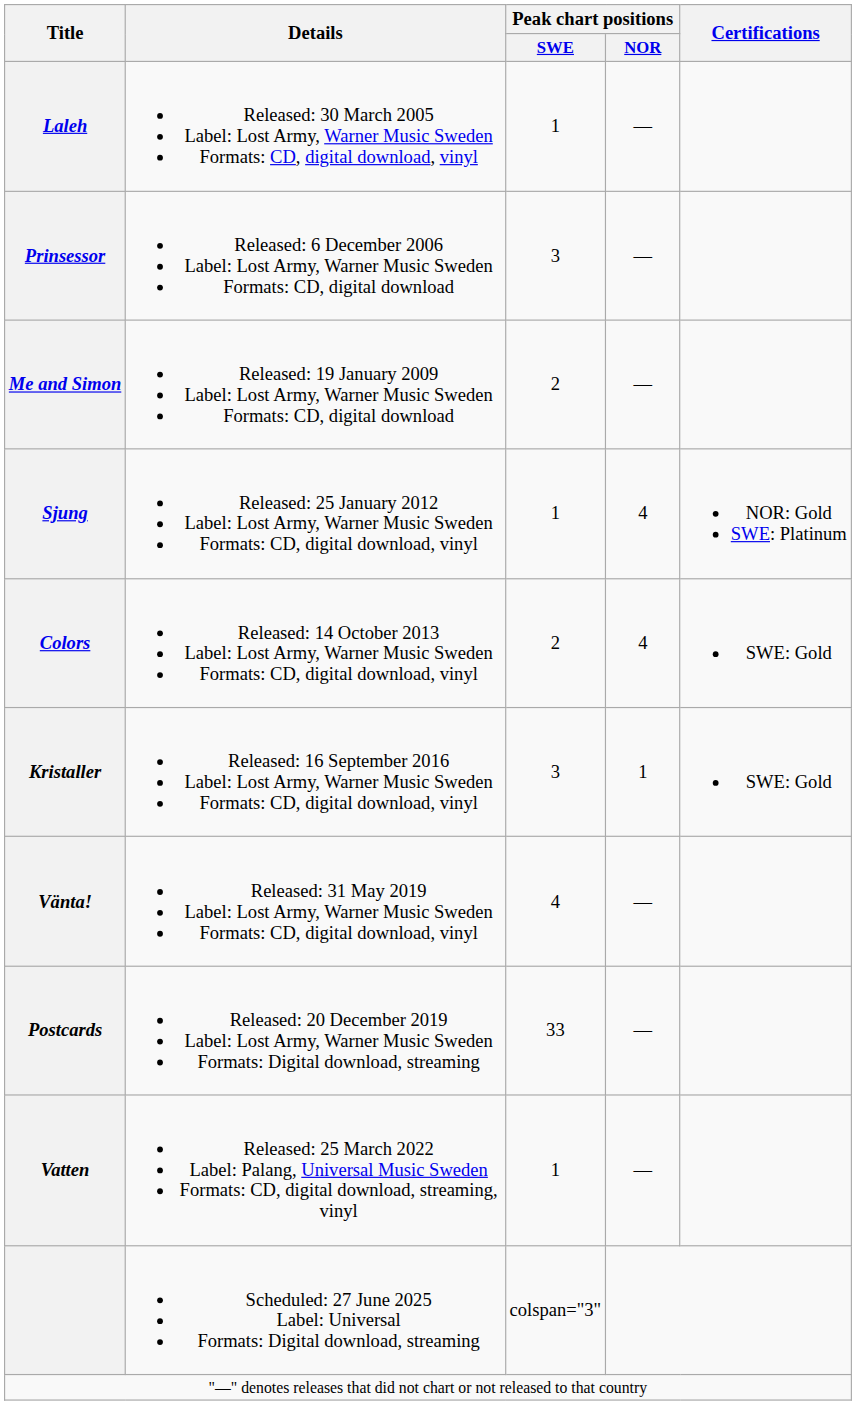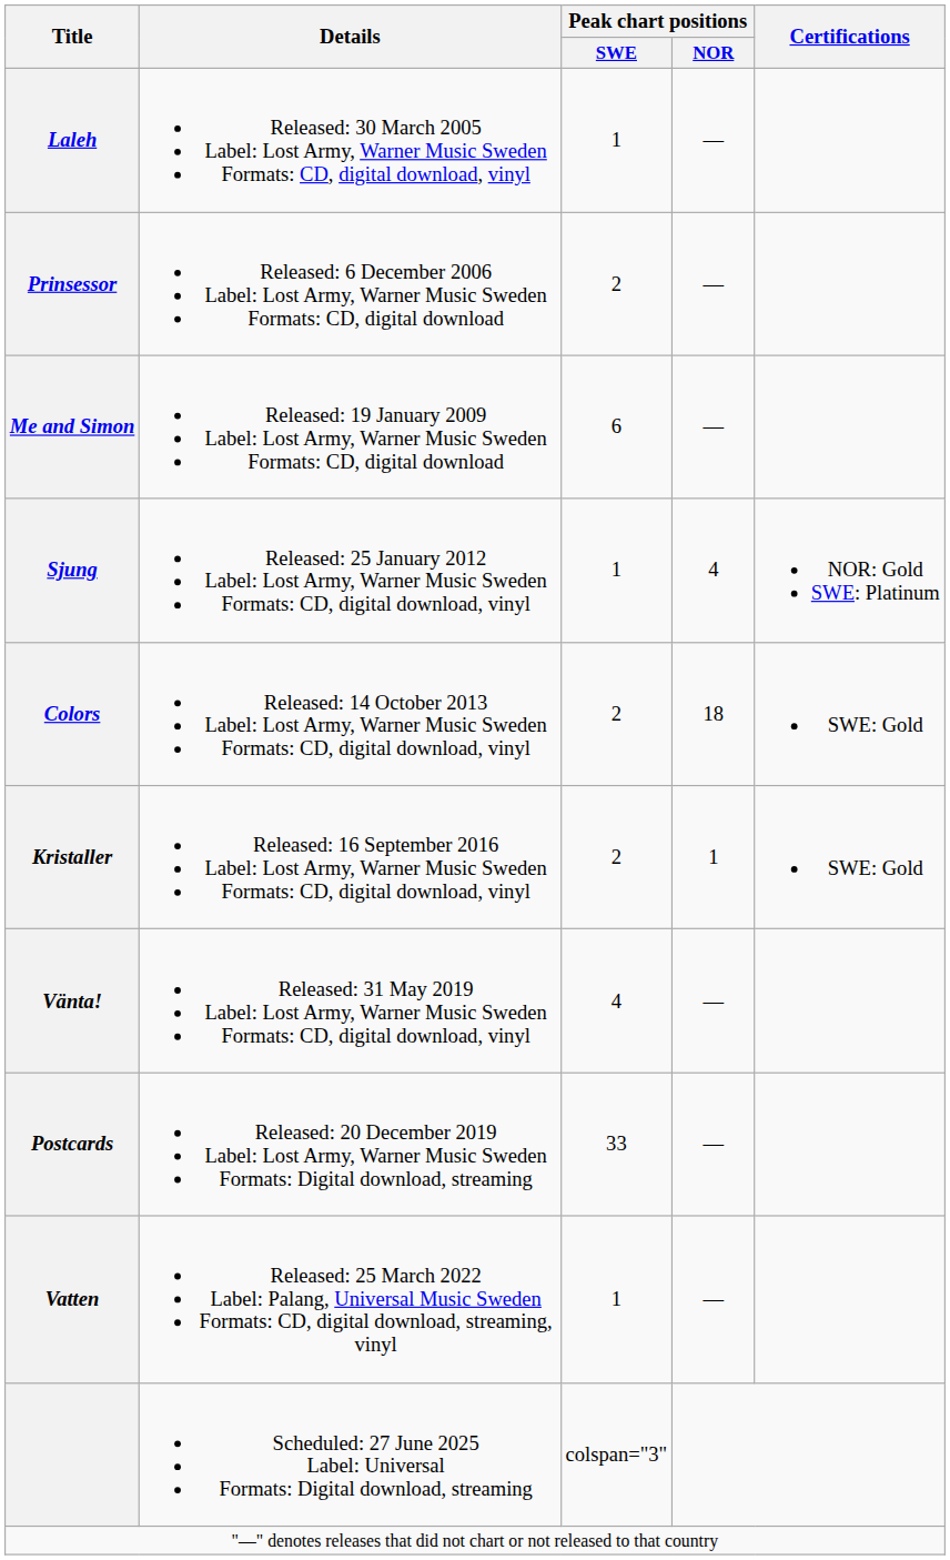 <table class="wikitable plainrowheaders" style="text-align: center">
 <tr>
 <th rowspan="2">Title</th>
 <th scope="col" rowspan="2" style="width:20em;">Details</th>
 <th colspan="2" width="60">Peak chart positions</th>
 <th scope="col" rowspan="2"><a href='#'>Certifications</a></th>
 </tr>
 <tr style="font-size:90%;">
 <th style="width:4em;"><a href='#'>SWE</a><br></th>
 <th style="width:4em;"><a href='#'>NOR</a><br></th>
 </tr>
 <tr>
 <th scope="row"><em><a href='#'>Laleh</a></em></th>
 <td><br><ul><li>Released: 30 March 2005</li><li>Label: Lost Army, <a href='#'>Warner Music Sweden</a></li><li>Formats: <a href='#'>CD</a>, <a href='#'>digital download</a>, <a href='#'>vinyl</a></li></ul></td>
 <td>1</td>
 <td>—</td>
 <td></td>
 </tr>
 <tr>
 <th scope="row"><em><a href='#'>Prinsessor</a></em></th>
 <td><br><ul><li>Released: 6 December 2006</li><li>Label: Lost Army, Warner Music Sweden</li><li>Formats: CD, digital download</li></ul></td>
-<td>3</td>
+<td>2</td>
 <td>—</td>
 <td></td>
 </tr>
 <tr>
 <th scope="row"><em><a href='#'>Me and Simon</a></em></th>
 <td><br><ul><li>Released: 19 January 2009</li><li>Label: Lost Army, Warner Music Sweden</li><li>Formats: CD, digital download</li></ul></td>
-<td>2</td>
+<td>6</td>
 <td>—</td>
 <td></td>
 </tr>
 <tr>
 <th scope="row"><em><a href='#'>Sjung</a></em></th>
 <td><br><ul><li>Released: 25 January 2012</li><li>Label: Lost Army, Warner Music Sweden</li><li>Formats: CD, digital download, vinyl</li></ul></td>
 <td>1</td>
 <td>4</td>
 <td><br><ul><li>NOR: Gold</li><li><a href='#'>SWE</a>: Platinum</li></ul></td>
 </tr>
 <tr>
 <th scope="row"><em><a href='#'>Colors</a></em></th>
 <td><br><ul><li>Released: 14 October 2013</li><li>Label: Lost Army, Warner Music Sweden</li><li>Formats: CD, digital download, vinyl</li></ul></td>
 <td>2</td>
-<td>4</td>
+<td>18<br></td>
 <td><br><ul><li>SWE: Gold</li></ul></td>
 </tr>
 <tr>
 <th scope="row"><em>Kristaller</em></th>
 <td><br><ul><li>Released: 16 September 2016</li><li>Label: Lost Army, Warner Music Sweden</li><li>Formats: CD, digital download, vinyl</li></ul></td>
-<td>3</td>
+<td>2</td>
 <td>1</td>
 <td><br><ul><li>SWE: Gold</li></ul></td>
 </tr>
 <tr>
 <th scope="row"><em>Vänta!</em></th>
 <td><br><ul><li>Released: 31 May 2019</li><li>Label: Lost Army, Warner Music Sweden</li><li>Formats: CD, digital download, vinyl</li></ul></td>
 <td>4</td>
 <td>—</td>
 <td></td>
 </tr>
 <tr>
 <th scope="row"><em>Postcards</em></th>
 <td><br><ul><li>Released: 20 December 2019</li><li>Label: Lost Army, Warner Music Sweden</li><li>Formats: Digital download, streaming</li></ul></td>
 <td>33</td>
 <td>—</td>
 <td></td>
 </tr>
 <tr>
 <th scope="row"><em>Vatten</em></th>
 <td><br><ul><li>Released: 25 March 2022</li><li>Label: Palang, <a href='#'>Universal Music Sweden</a></li><li>Formats: CD, digital download, streaming, vinyl</li></ul></td>
 <td>1<br></td>
 <td>—</td>
 <td></td>
 </tr>
 <tr>
 <th scope="row"></th>
 <td><br><ul><li>Scheduled: 27 June 2025</li><li>Label: Universal</li><li>Formats: Digital download, streaming</li></ul></td>
 <td>colspan="3"</td>
 </tr>
 <tr>
 <td colspan="10" style="font-size:85%">"—" denotes releases that did not chart or not released to that country</td>
 </tr>
 </table>
